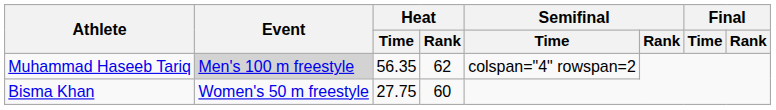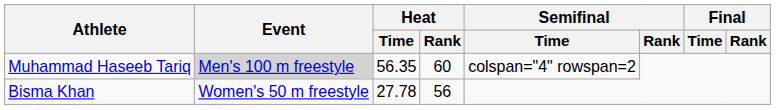 <table class=wikitable style="font-size:90%">
 <tr>
 <th rowspan="2">Athlete</th>
 <th rowspan="2">Event</th>
 <th colspan="2">Heat</th>
 <th colspan="2">Semifinal</th>
 <th colspan="2">Final</th>
 </tr>
 <tr style="font-size:95%">
 <th>Time</th>
 <th>Rank</th>
 <th>Time</th>
 <th>Rank</th>
 <th>Time</th>
 <th>Rank</th>
 </tr>
 <tr align=center>
 <td align=left><a href='#'>Muhammad Haseeb Tariq</a></td>
 <td align=left style="background: lightgrey;"><a href='#'>Men's 100 m freestyle</a></td>
 <td>56.35</td>
-<td>62</td>
+<td>60</td>
 <td>colspan="4" rowspan=2 </td>
 </tr>
 <tr align=center>
 <td align=left><a href='#'>Bisma Khan</a></td>
 <td align=left><a href='#'>Women's 50 m freestyle</a></td>
-<td>27.75</td>
-<td>60</td>
+<td>27.78</td>
+<td>56</td>
 </tr>
 </table>
